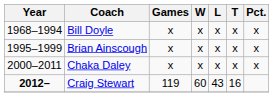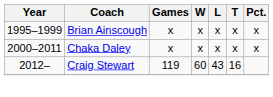 <table class="wikitable" style="text-align:center">
 <tr>
 <th width=px>Year</th>
 <th width=px>Coach</th>
 <th width=px>Games</th>
 <th width=px>W</th>
 <th width=px>L</th>
 <th width=px>T</th>
 <th width=px>Pct.</th>
-</tr>
-<tr>
-<td>1968–1994</td>
-<td align=left> <a href='#'>Bill Doyle</a></td>
-<td>x</td>
-<td>x</td>
-<td>x</td>
-<td>x</td>
-<td>x</td>
 </tr>
 <tr>
 <td>1995–1999</td>
 <td align=left> <a href='#'>Brian Ainscough</a></td>
 <td>x</td>
 <td>x</td>
 <td>x</td>
 <td>x</td>
 <td>x</td>
 </tr>
 <tr>
 <td>2000–2011</td>
 <td align=left> <a href='#'>Chaka Daley</a></td>
 <td>x</td>
 <td>x</td>
 <td>x</td>
 <td>x</td>
 <td>x</td>
 </tr>
 <tr>
-<td><strong>2012–</strong></td>
+<td>2012–</td>
 <td align=left> <a href='#'>Craig Stewart</a></td>
 <td>119</td>
 <td>60</td>
 <td>43</td>
 <td>16</td>
 <td></td>
 </tr>
 <tr>
 </tr>
 </table>
